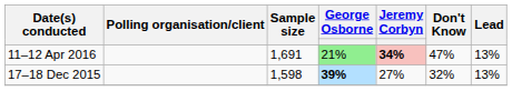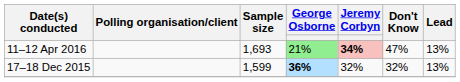 <table class="wikitable">
 <tr valign= center>
 <th rowspan="2">Date(s)<br>conducted</th>
 <th rowspan="2">Polling organisation/client</th>
 <th rowspan="2">Sample<br>size</th>
 <th style="width:50px;" class="unsortable"><a href='#'>George Osborne</a></th>
 <th style="width:50px;" class="unsortable"><a href='#'>Jeremy Corbyn</a></th>
 <th style="width:50px;" rowspan="2" class="unsortable">Don't <br> Know</th>
 <th class="unsortable" style="width:20px;" rowspan="2">Lead</th>
 </tr>
 <tr>
 <th class="unsortable" style="color:inherit;background:"></th>
 <th class="unsortable" style="color:inherit;background:"></th>
 </tr>
 <tr>
 <td rowspan=1>11–12 Apr 2016</td>
 <td rowspan=1></td>
-<td rowspan=1>1,691</td>
+<td rowspan=1>1,693</td>
 <td style="background: lightgreen;">21%</td>
 <td style="background:#F8C1BE"><strong>34%</strong></td>
 <td>47%</td>
 <td style="background:">13%</td>
 </tr>
 <tr>
 <td rowspan=1>17–18 Dec 2015</td>
 <td rowspan=1></td>
-<td rowspan=1>1,598</td>
-<td style="background:#B3E0FF"><strong>39%</strong></td>
-<td>27%</td>
+<td rowspan=1>1,599</td>
+<td style="background:#B3E0FF"><strong>36%</strong></td>
+<td>32%</td>
 <td>32%</td>
 <td style="background:">13%</td>
 </tr>
 <tr>
 </tr>
 </table>
